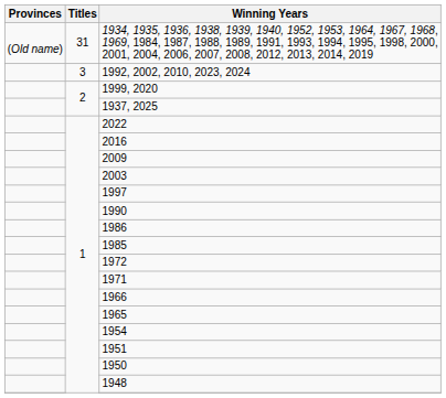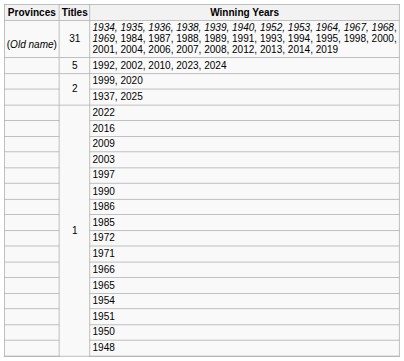 <table class="wikitable" style="font-size: 86%;">
 <tr>
 <th>Provinces</th>
 <th>Titles</th>
 <th>Winning Years</th>
 </tr>
 <tr>
 <td> <br>  (<em>Old name</em>)</td>
 <td align="center">31</td>
 <td><em>1934, 1935, 1936, 1938, 1939, 1940, 1952, 1953, 1964, 1967, 1968</em>,<br> <em>1969</em>, 1984, 1987, 1988, 1989, 1991, 1993, 1994, 1995, 1998, 2000, <br>2001, 2004, 2006, 2007, 2008, 2012, 2013, 2014, 2019</td>
 </tr>
 <tr>
 <td></td>
-<td align="center">3</td>
+<td align="center">5</td>
 <td>1992, 2002, 2010, 2023, 2024</td>
 </tr>
 <tr>
 <td></td>
 <td rowspan="2"  align="center">2</td>
 <td>1999, 2020</td>
 </tr>
 <tr>
 <td></td>
 <td>1937, 2025</td>
 </tr>
 <tr>
 <td></td>
 <td rowspan="17" align="center">1</td>
 <td>2022</td>
 </tr>
 <tr>
 <td></td>
 <td>2016</td>
 </tr>
 <tr>
 <td></td>
 <td>2009</td>
 </tr>
 <tr>
 <td></td>
 <td>2003</td>
 </tr>
 <tr>
 <td></td>
 <td>1997</td>
 </tr>
 <tr>
 <td></td>
 <td>1990</td>
 </tr>
 <tr>
 <td></td>
 <td>1986</td>
 </tr>
 <tr>
 <td></td>
 <td>1985</td>
 </tr>
 <tr>
 <td></td>
 <td>1972</td>
 </tr>
 <tr>
 <td></td>
 <td>1971</td>
 </tr>
 <tr>
 <td></td>
 <td>1966</td>
 </tr>
 <tr>
 <td></td>
 <td>1965</td>
 </tr>
 <tr>
 <td></td>
 <td>1954</td>
 </tr>
 <tr>
 <td></td>
 <td>1951</td>
 </tr>
 <tr>
 <td></td>
 <td>1950</td>
 </tr>
 <tr>
 <td></td>
 <td>1948</td>
 </tr>
 <tr>
 </tr>
 </table>
